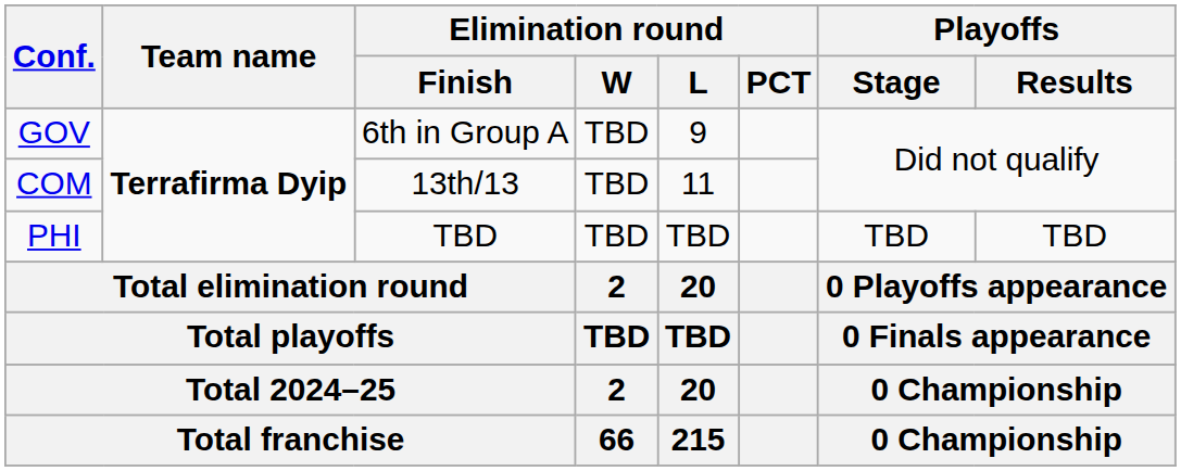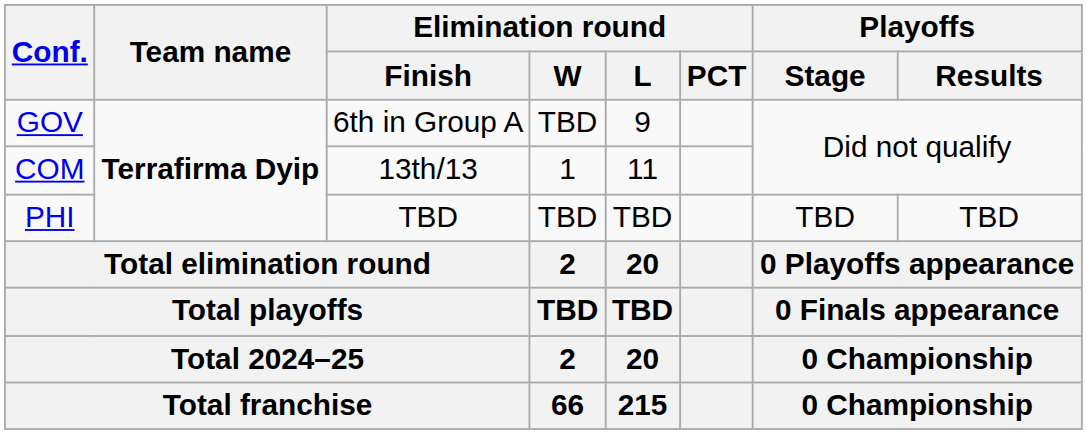 <table class=wikitable style="text-align:center;">
 <tr>
 <th rowspan=2><a href='#'>Conf.</a></th>
 <th rowspan=2>Team name</th>
 <th colspan=4>Elimination round</th>
 <th colspan=2>Playoffs</th>
 </tr>
 <tr>
 <th>Finish</th>
 <th>W</th>
 <th>L</th>
 <th>PCT</th>
 <th>Stage</th>
 <th>Results</th>
 </tr>
 <tr>
 <td><a href='#'>GOV</a></td>
 <td rowspan=3><strong>Terrafirma Dyip</strong></td>
 <td>6th in Group A</td>
 <td>TBD</td>
 <td>9</td>
 <td></td>
 <td rowspan=2 colspan=2>Did not qualify</td>
 </tr>
 <tr>
 <td><a href='#'>COM</a></td>
 <td>13th/13</td>
-<td>TBD</td>
+<td>1</td>
 <td>11</td>
 <td></td>
 </tr>
 <tr>
 <td><a href='#'>PHI</a></td>
 <td>TBD</td>
 <td>TBD</td>
 <td>TBD</td>
 <td></td>
 <td>TBD</td>
 <td>TBD</td>
 </tr>
 <tr>
 <th colspan=3>Total elimination round</th>
 <th>2</th>
 <th>20</th>
 <th></th>
 <th colspan=2>0 Playoffs appearance</th>
 </tr>
 <tr>
 <th colspan=3>Total playoffs</th>
 <th>TBD</th>
 <th>TBD</th>
 <th></th>
 <th colspan=2>0 Finals appearance</th>
 </tr>
 <tr>
 <th colspan=3>Total 2024–25</th>
 <th>2</th>
 <th>20</th>
 <th></th>
 <th colspan=2>0 Championship</th>
 </tr>
 <tr>
 <th colspan=3>Total franchise</th>
 <th>66</th>
 <th>215</th>
 <th></th>
 <th colspan=2>0 Championship</th>
 </tr>
 </table>
